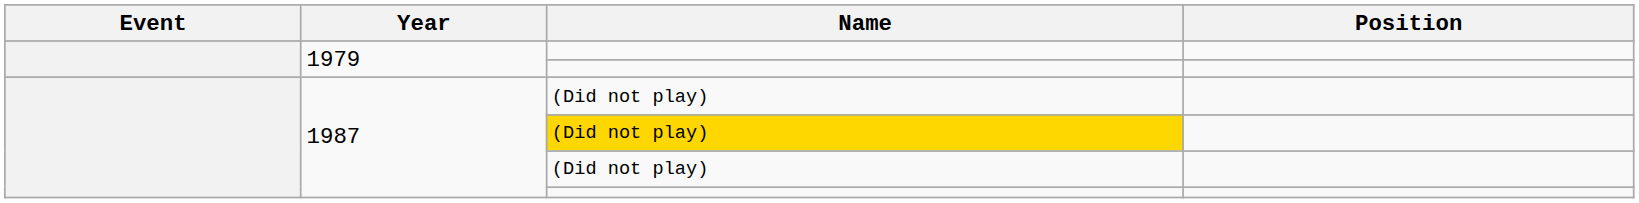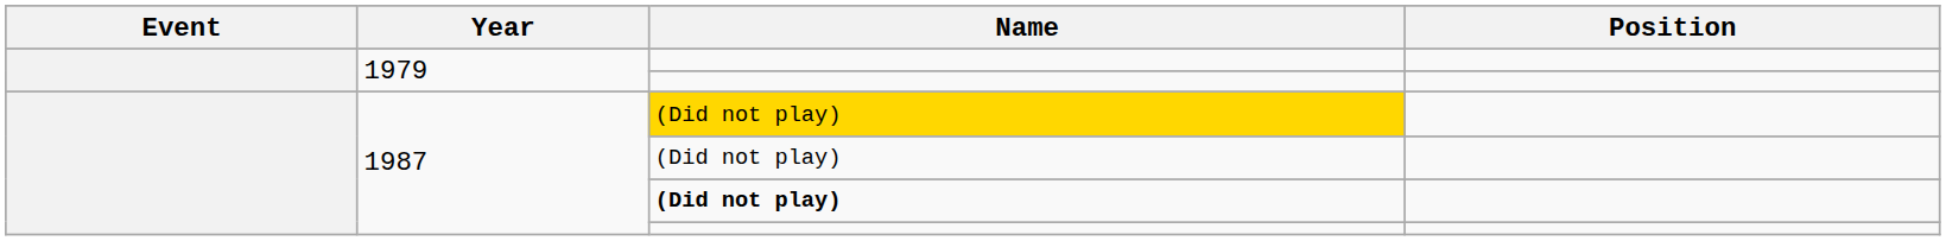 <table class="wikitable sortable" width="75%">
 <tr>
 <th scope="col">Event</th>
 <th scope="col">Year</th>
 <th scope="col">Name</th>
 <th scope="col">Position</th>
 </tr>
 <tr>
 <th scope="row" rowspan="2"></th>
 <td rowspan="2">1979</td>
 <td></td>
 <td></td>
 </tr>
 <tr>
 <td></td>
 <td></td>
 </tr>
 <tr>
 <th scope="row" rowspan="4"></th>
 <td rowspan="4">1987</td>
-<td> <small>(Did not play)</small></td>
-<td></td>
-</tr>
-<tr>
 <td style="background: gold;"> <small>(Did not play)</small></td>
 <td></td>
 </tr>
 <tr>
 <td> <small>(Did not play)</small></td>
 <td></td>
 </tr>
 <tr>
+<td><strong> <small>(Did not play)</small></strong></td>
+<td></td>
+</tr>
+<tr>
 <td></td>
 <td></td>
 </tr>
 </table>
